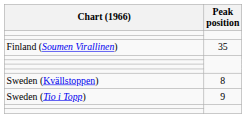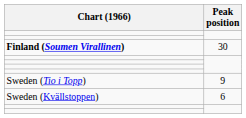 <table class="wikitable sortable">
 <tr>
 <th style="width:20em;">Chart (1966)</th>
 <th>Peak<br>position</th>
 </tr>
 <tr>
 <td></td>
 </tr>
 <tr>
 <td></td>
 </tr>
 <tr>
-<td align="left">Finland (<a href='#'><em>Soumen Virallinen</em></a>)</td>
-<td style="text-align:center;">35</td>
+<td align="left"><strong>Finland (<a href='#'><em>Soumen Virallinen</em></a>)</strong></td>
+<td style="text-align:center;">30</td>
 </tr>
 <tr>
 <td></td>
 </tr>
 <tr>
 <td></td>
 </tr>
 <tr>
 <td></td>
 </tr>
 <tr>
 <td></td>
 </tr>
 <tr>
-<td>Sweden (<a href='#'>Kvällstoppen</a>)</td>
-<td style="text-align:center;">8</td>
+<td>Sweden (<em><a href='#'>Tio i Topp</a></em>)</td>
+<td style="text-align:center;">9</td>
 </tr>
 <tr>
-<td>Sweden (<em><a href='#'>Tio i Topp</a></em>)</td>
-<td style="text-align:center;">9</td>
+<td>Sweden (<a href='#'>Kvällstoppen</a>)</td>
+<td style="text-align:center;">6</td>
 </tr>
 <tr>
 <td></td>
 </tr>
 <tr>
 <td></td>
 </tr>
 </table>
